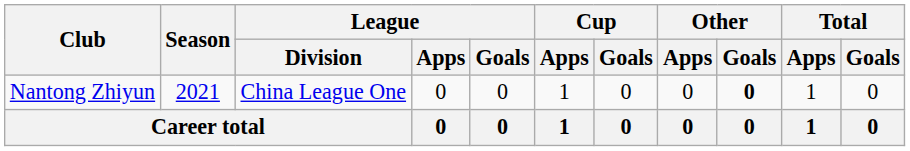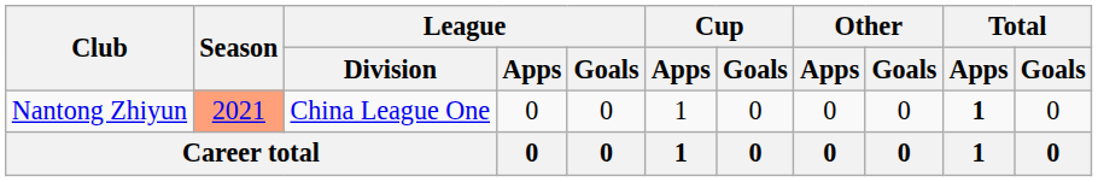 <table class="wikitable" style="text-align: center">
 <tr>
 <th rowspan="2">Club</th>
 <th rowspan="2">Season</th>
 <th colspan="3">League</th>
 <th colspan="2">Cup</th>
 <th colspan="2">Other</th>
 <th colspan="2">Total</th>
 </tr>
 <tr>
 <th>Division</th>
 <th>Apps</th>
 <th>Goals</th>
 <th>Apps</th>
 <th>Goals</th>
 <th>Apps</th>
 <th>Goals</th>
 <th>Apps</th>
 <th>Goals</th>
 </tr>
 <tr>
 <td><a href='#'>Nantong Zhiyun</a></td>
-<td><a href='#'>2021</a></td>
+<td style="background: lightsalmon;"><a href='#'>2021</a></td>
 <td><a href='#'>China League One</a></td>
 <td>0</td>
 <td>0</td>
 <td>1</td>
 <td>0</td>
 <td>0</td>
-<td><strong>0</strong></td>
-<td>1</td>
+<td>0</td>
+<td><strong>1</strong></td>
 <td>0</td>
 </tr>
 <tr>
 <th colspan=3>Career total</th>
 <th>0</th>
 <th>0</th>
 <th>1</th>
 <th>0</th>
 <th>0</th>
 <th>0</th>
 <th>1</th>
 <th>0</th>
 </tr>
 </table>
